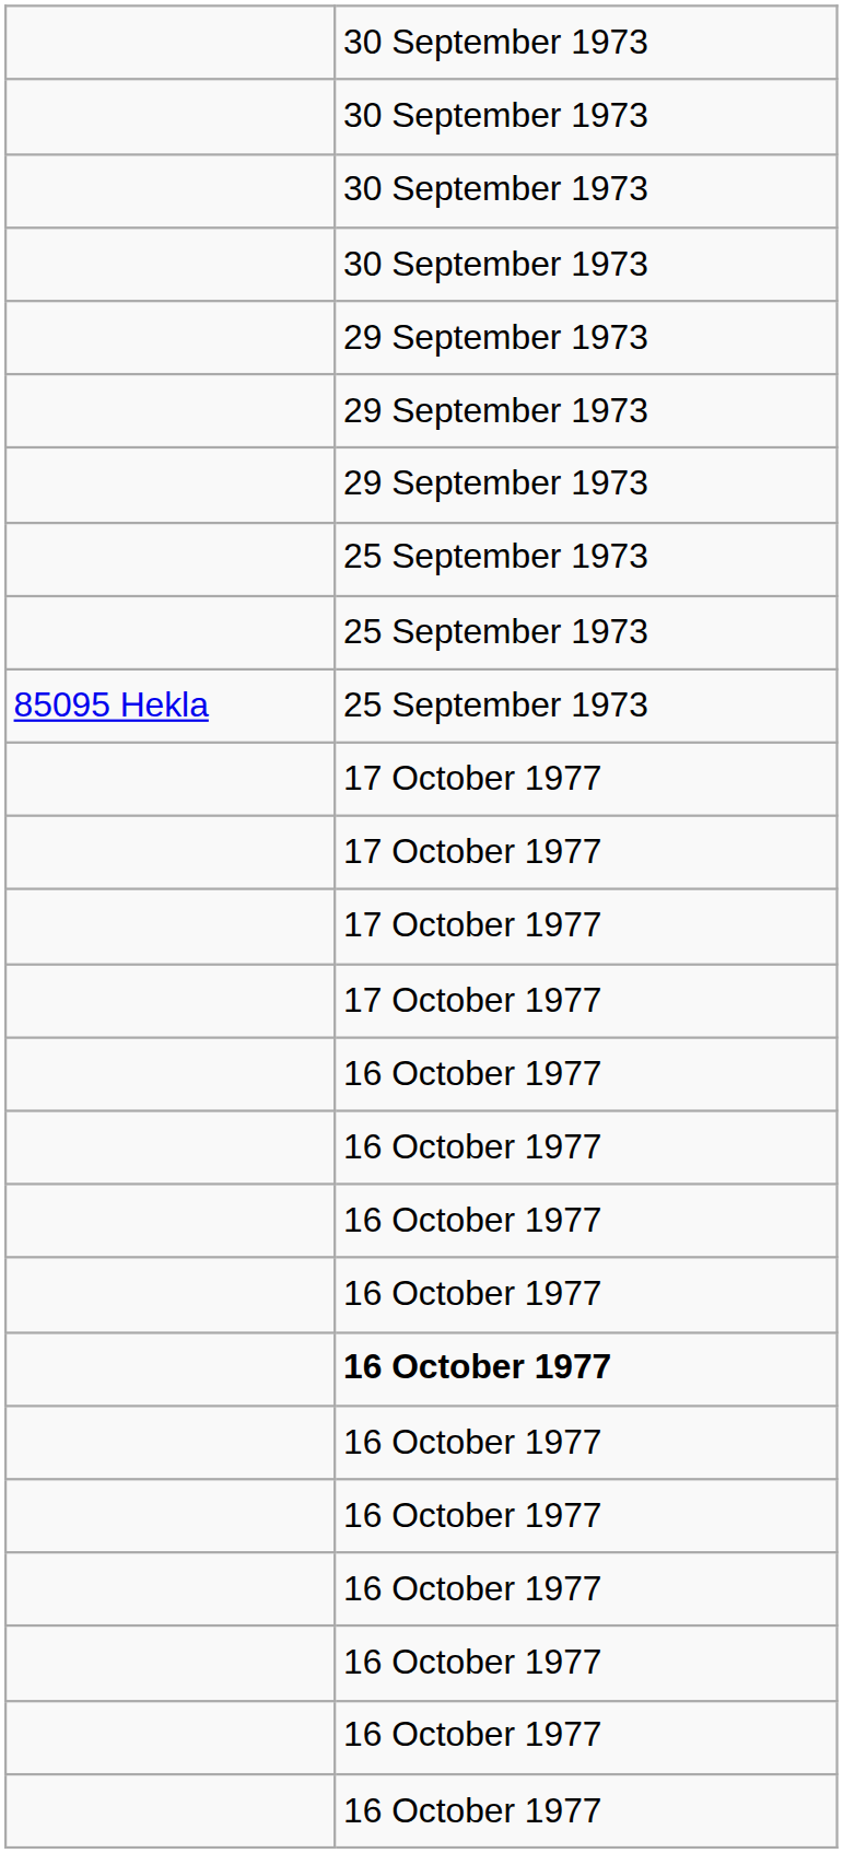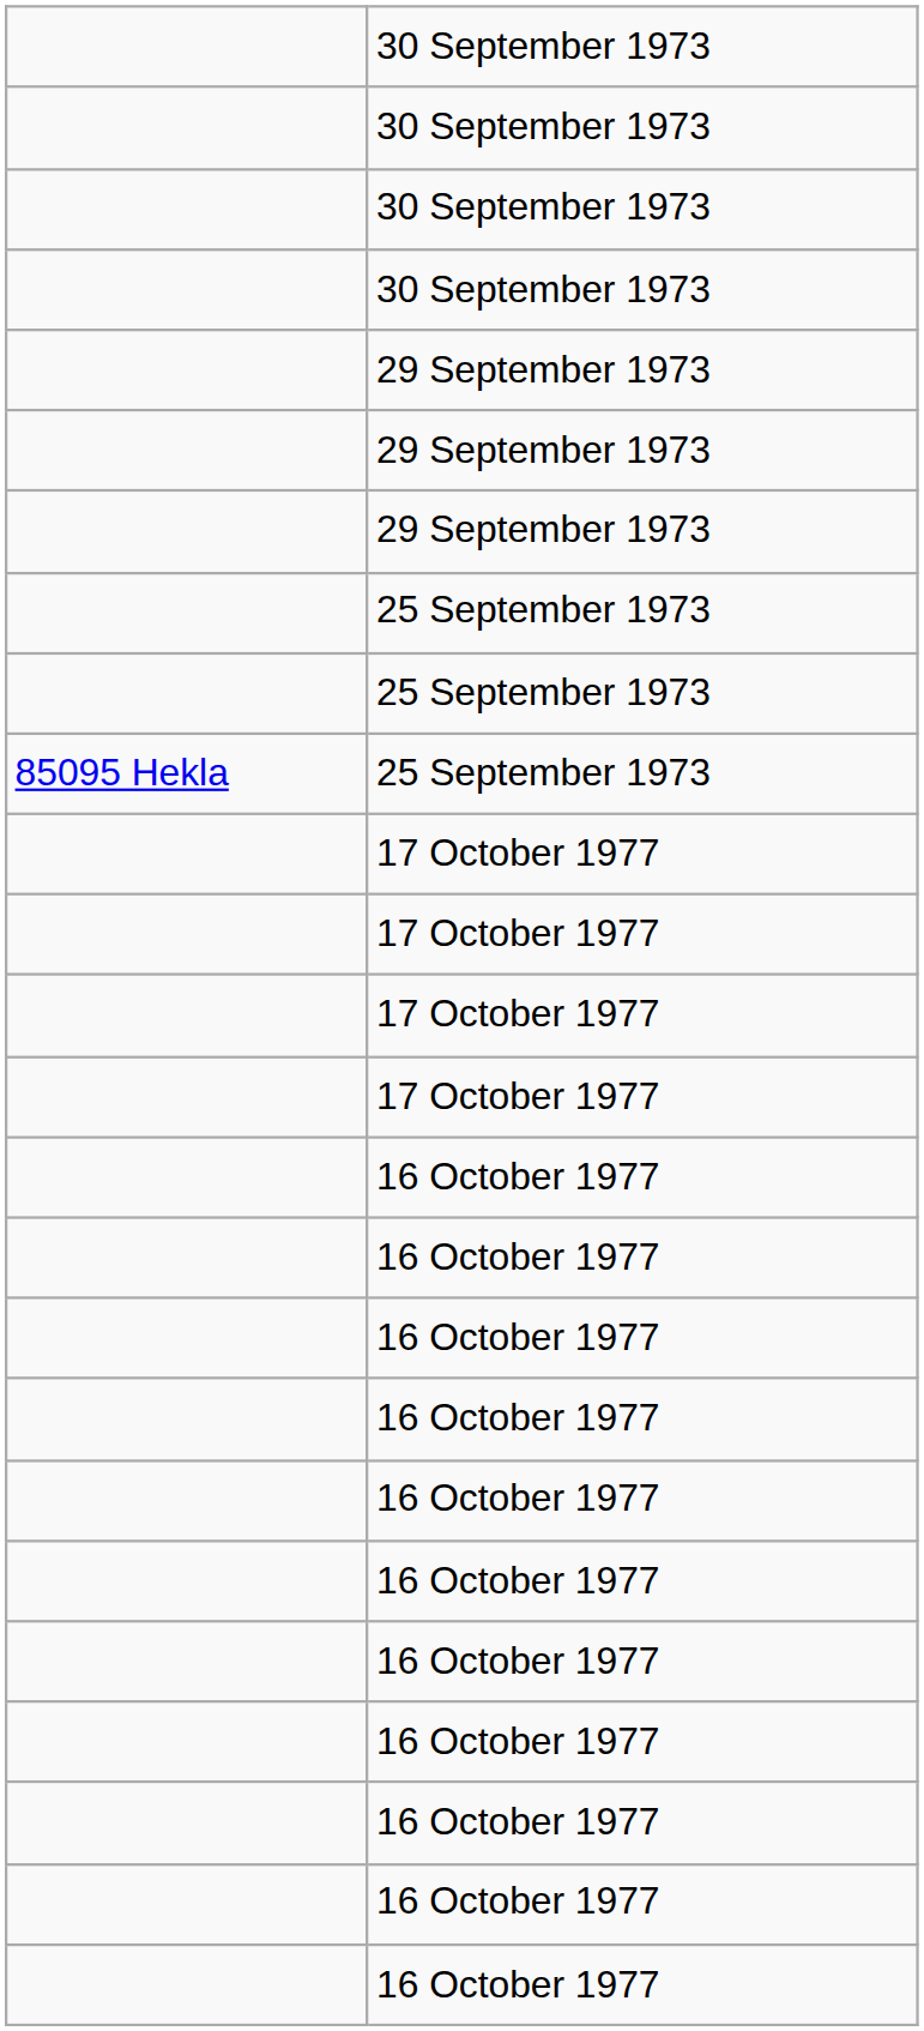 <table class="wikitable" style="font-size: 89%; float: left; width: 24em; margin-right: 1em; line-height: 1.65em">
 <tr>
 <td></td>
 <td>30 September 1973</td>
 </tr>
 <tr>
 <td></td>
 <td>30 September 1973</td>
 </tr>
 <tr>
 <td></td>
 <td>30 September 1973</td>
 </tr>
 <tr>
 <td></td>
 <td>30 September 1973</td>
 </tr>
 <tr>
 <td></td>
 <td>29 September 1973</td>
 </tr>
 <tr>
 <td></td>
 <td>29 September 1973</td>
 </tr>
 <tr>
 <td></td>
 <td>29 September 1973</td>
 </tr>
 <tr>
 <td></td>
 <td>25 September 1973</td>
 </tr>
 <tr>
 <td></td>
 <td>25 September 1973</td>
 </tr>
 <tr>
 <td><a href='#'>85095 Hekla</a></td>
 <td>25 September 1973</td>
 </tr>
 <tr>
 <td></td>
 <td>17 October 1977</td>
 </tr>
 <tr>
 <td></td>
 <td>17 October 1977</td>
 </tr>
 <tr>
 <td></td>
 <td>17 October 1977</td>
 </tr>
 <tr>
 <td></td>
 <td>17 October 1977</td>
 </tr>
 <tr>
 <td></td>
 <td>16 October 1977</td>
 </tr>
 <tr>
 <td></td>
 <td>16 October 1977</td>
 </tr>
 <tr>
 <td></td>
 <td>16 October 1977</td>
 </tr>
 <tr>
 <td></td>
 <td>16 October 1977</td>
 </tr>
 <tr>
 <td></td>
-<td><strong>16 October 1977</strong></td>
+<td>16 October 1977</td>
 </tr>
 <tr>
 <td></td>
 <td>16 October 1977</td>
 </tr>
 <tr>
 <td></td>
 <td>16 October 1977</td>
 </tr>
 <tr>
 <td></td>
 <td>16 October 1977</td>
 </tr>
 <tr>
 <td></td>
 <td>16 October 1977</td>
 </tr>
 <tr>
 <td></td>
 <td>16 October 1977</td>
 </tr>
 <tr>
 <td></td>
 <td>16 October 1977</td>
 </tr>
 </table>
